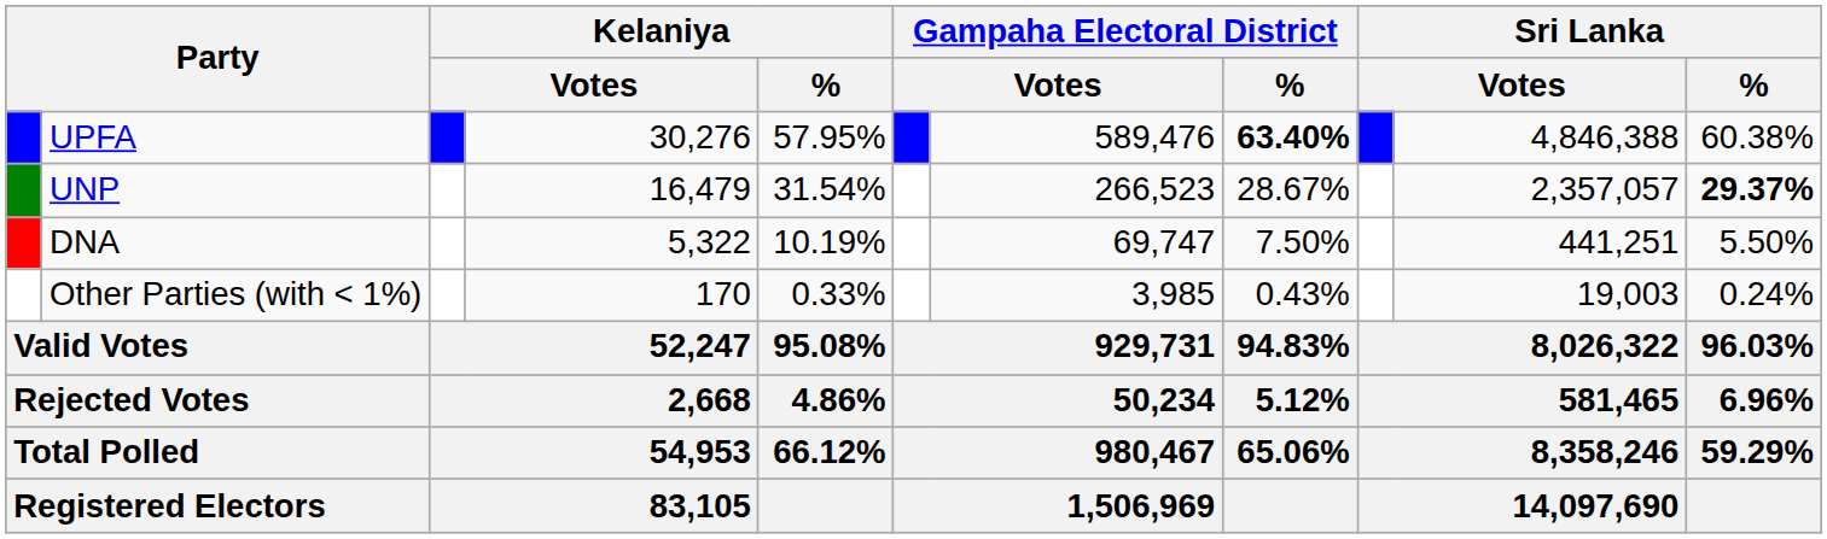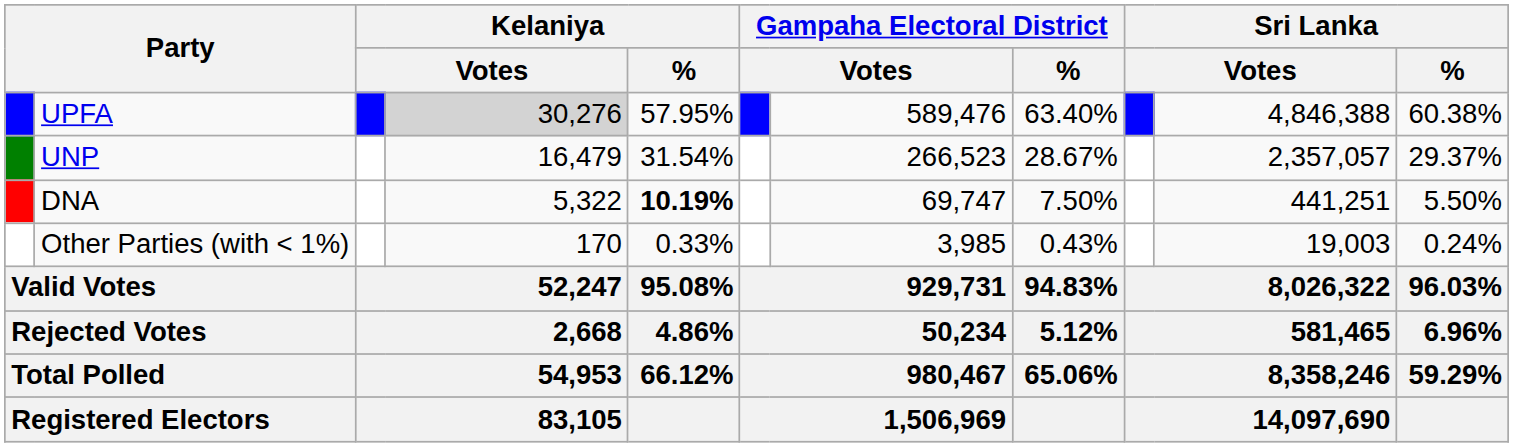 <table class="wikitable">
 <tr>
 <th colspan="2" width="144px"rowspan="2">Party</th>
 <th colspan="3" width="216px">Kelaniya</th>
 <th colspan="3" width="216px"><a href='#'>Gampaha Electoral District</a></th>
 <th colspan="3" width="216px">Sri Lanka</th>
 </tr>
 <tr>
 <th colspan="2" width="144px">Votes</th>
 <th>%</th>
 <th colspan="2" width="144px">Votes</th>
 <th>%</th>
 <th colspan="2" width="144px">Votes</th>
 <th>%</th>
 </tr>
 <tr>
 <td style="background-color:blue;" width="10px"></td>
 <td style="text-align:left;"><a href='#'>UPFA</a></td>
 <td style="background-color:blue;" width="10px"></td>
-<td style="text-align:right;">30,276</td>
+<td style="background: lightgrey; text-align:right;">30,276</td>
 <td style="text-align:right;">57.95%</td>
 <td style="background-color:blue;" width="10px"></td>
 <td style="text-align:right;">589,476</td>
-<td style="text-align:right;"><strong>63.40%</strong></td>
+<td style="text-align:right;">63.40%</td>
 <td style="background-color:blue;" width="10px"></td>
 <td style="text-align:right;">4,846,388</td>
 <td style="text-align:right;">60.38%</td>
 </tr>
 <tr>
 <td style="background-color:green;" width="10px"></td>
 <td style="text-align:left;"><a href='#'>UNP</a></td>
 <td style="background-color:white;" width="10px"></td>
 <td style="text-align:right;">16,479</td>
 <td style="text-align:right;">31.54%</td>
 <td style="background-color:white;" width="10px"></td>
 <td style="text-align:right;">266,523</td>
 <td style="text-align:right;">28.67%</td>
 <td style="background-color:white;" width="10px"></td>
 <td style="text-align:right;">2,357,057</td>
-<td style="text-align:right;"><strong>29.37%</strong></td>
+<td style="text-align:right;">29.37%</td>
 </tr>
 <tr>
 <td style="background-color:red;" width="10px"></td>
 <td style="text-align:left;">DNA</td>
 <td style="background-color:white;" width="10px"></td>
 <td style="text-align:right;">5,322</td>
-<td style="text-align:right;">10.19%</td>
+<td style="text-align:right;"><strong>10.19%</strong></td>
 <td style="background-color:white;" width="10px"></td>
 <td style="text-align:right;">69,747</td>
 <td style="text-align:right;">7.50%</td>
 <td style="background-color:white;" width="10px"></td>
 <td style="text-align:right;">441,251</td>
 <td style="text-align:right;">5.50%</td>
 </tr>
 <tr>
 <td style="background-color:white;" width="10px"></td>
 <td style="text-align:left;">Other Parties (with < 1%)</td>
 <td style="background-color:white;" width="10px"></td>
 <td style="text-align:right;">170</td>
 <td style="text-align:right;">0.33%</td>
 <td style="background-color:white;" width="10px"></td>
 <td style="text-align:right;">3,985</td>
 <td style="text-align:right;">0.43%</td>
 <td style="background-color:white;" width="10px"></td>
 <td style="text-align:right;">19,003</td>
 <td style="text-align:right;">0.24%</td>
 </tr>
 <tr>
 <th colspan="2" width="144px"style="text-align:left;">Valid Votes</th>
 <th style="text-align:right;"colspan="2" width="144px">52,247</th>
 <th style="text-align:right;">95.08%</th>
 <th style="text-align:right;"colspan="2" width="144px">929,731</th>
 <th style="text-align:right;">94.83%</th>
 <th style="text-align:right;"colspan="2" width="144px">8,026,322</th>
 <th style="text-align:right;">96.03%</th>
 </tr>
 <tr>
 <th colspan="2" width="144px"style="text-align:left;">Rejected Votes</th>
 <th style="text-align:right;"colspan="2" width="144px">2,668</th>
 <th style="text-align:right;">4.86%</th>
 <th style="text-align:right;"colspan="2" width="144px">50,234</th>
 <th style="text-align:right;">5.12%</th>
 <th style="text-align:right;"colspan="2" width="144px">581,465</th>
 <th style="text-align:right;">6.96%</th>
 </tr>
 <tr>
 <th colspan="2" width="144px"style="text-align:left;">Total Polled</th>
 <th style="text-align:right;"colspan="2" width="144px">54,953</th>
 <th style="text-align:right;">66.12%</th>
 <th style="text-align:right;"colspan="2" width="144px">980,467</th>
 <th style="text-align:right;">65.06%</th>
 <th style="text-align:right;"colspan="2" width="144px">8,358,246</th>
 <th style="text-align:right;">59.29%</th>
 </tr>
 <tr>
 <th colspan="2" width="144px"style="text-align:left;">Registered Electors</th>
 <th style="text-align:right;"colspan="2" width="144px">83,105</th>
 <th></th>
 <th style="text-align:right;"colspan="2" width="144px">1,506,969</th>
 <th></th>
 <th style="text-align:right;"colspan="2" width="144px">14,097,690</th>
 <th></th>
 </tr>
 </table>
